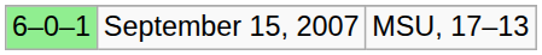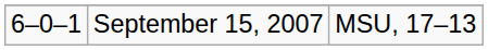 <table class="wikitable">
 <tr align="center">
 </tr>
 <tr align="center">
-<td style="background: lightgreen;">6–0–1</td>
+<td>6–0–1</td>
 <td>September 15, 2007</td>
 <td>MSU, 17–13</td>
 </tr>
 </table>
